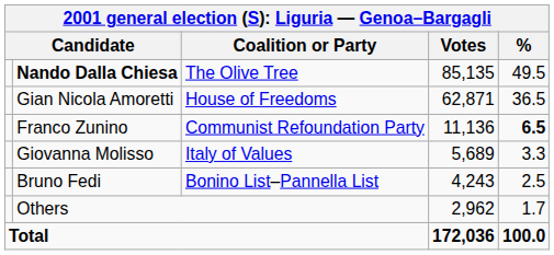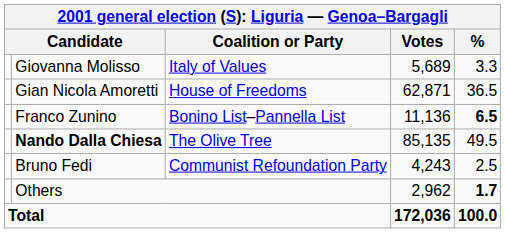 <table class=wikitable style=text-align:right>
 <tr>
 <th colspan=5><a href='#'>2001 general election</a> (<a href='#'>S</a>): <a href='#'>Liguria</a> — <a href='#'>Genoa–Bargagli</a></th>
 </tr>
 <tr>
 <th colspan=2>Candidate</th>
 <th>Coalition or Party</th>
 <th>Votes</th>
 <th>%</th>
 </tr>
 <tr>
 <td></td>
-<td align=left><strong>Nando Dalla Chiesa</strong></td>
-<td align=left><a href='#'>The Olive Tree</a></td>
-<td>85,135</td>
-<td>49.5</td>
+<td align=left>Giovanna Molisso</td>
+<td align=left><a href='#'>Italy of Values</a></td>
+<td>5,689</td>
+<td>3.3</td>
 </tr>
 <tr>
 <td></td>
 <td align=left>Gian Nicola Amoretti</td>
 <td align=left><a href='#'>House of Freedoms</a></td>
 <td>62,871</td>
 <td>36.5</td>
 </tr>
 <tr>
 <td></td>
 <td align=left>Franco Zunino</td>
-<td align=left><a href='#'>Communist Refoundation Party</a></td>
+<td align=left><a href='#'>Bonino List</a>–<a href='#'>Pannella List</a></td>
 <td>11,136</td>
 <td><strong>6.5</strong></td>
 </tr>
 <tr>
 <td></td>
-<td align=left>Giovanna Molisso</td>
-<td align=left><a href='#'>Italy of Values</a></td>
-<td>5,689</td>
-<td>3.3</td>
+<td align=left><strong>Nando Dalla Chiesa</strong></td>
+<td align=left><a href='#'>The Olive Tree</a></td>
+<td>85,135</td>
+<td>49.5</td>
 </tr>
 <tr>
 <td></td>
 <td align=left>Bruno Fedi</td>
-<td align=left><a href='#'>Bonino List</a>–<a href='#'>Pannella List</a></td>
+<td align=left><a href='#'>Communist Refoundation Party</a></td>
 <td>4,243</td>
 <td>2.5</td>
 </tr>
 <tr>
 <td></td>
 <td align=left colspan=2>Others</td>
 <td>2,962</td>
-<td>1.7</td>
+<td><strong>1.7</strong></td>
 </tr>
 <tr>
 <td align=left colspan=3><strong>Total</strong></td>
 <td><strong>172,036</strong></td>
 <td><strong>100.0</strong></td>
 </tr>
 </table>
